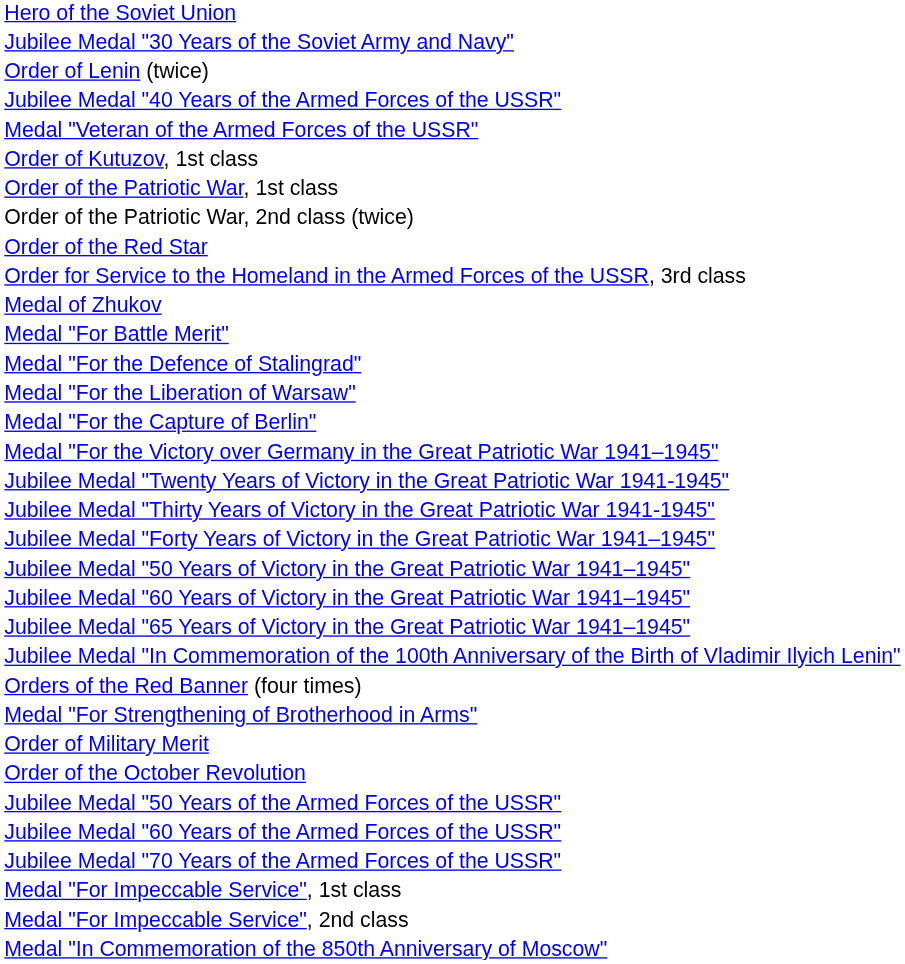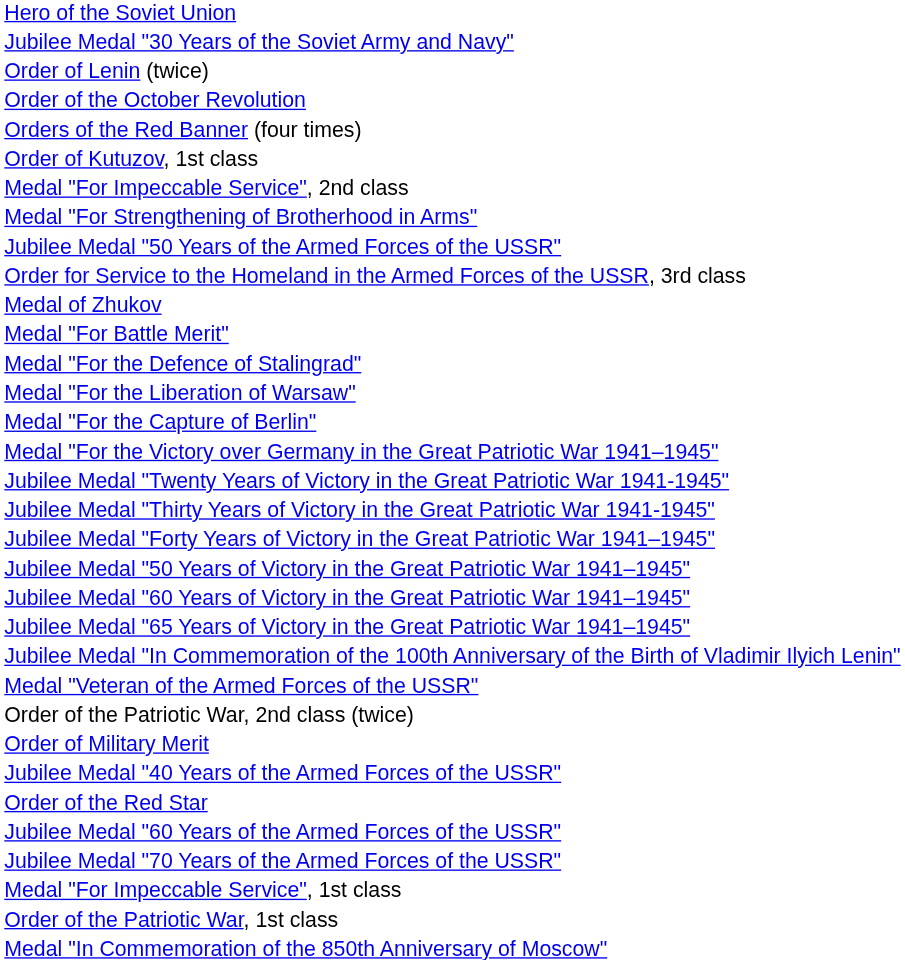 <table>
 <tr>
 <td></td>
 <td><a href='#'>Hero of the Soviet Union</a></td>
 </tr>
 <tr>
 <td></td>
 <td><a href='#'>Jubilee Medal "30 Years of the Soviet Army and Navy"</a></td>
 </tr>
 <tr>
 <td></td>
 <td><a href='#'>Order of Lenin</a> (twice)</td>
 </tr>
 <tr>
 <td></td>
-<td><a href='#'>Jubilee Medal "40 Years of the Armed Forces of the USSR"</a></td>
+<td><a href='#'>Order of the October Revolution</a></td>
 </tr>
 <tr>
 <td></td>
-<td><a href='#'>Medal "Veteran of the Armed Forces of the USSR"</a></td>
+<td><a href='#'>Orders of the Red Banner</a> (four times)</td>
 </tr>
 <tr>
 <td></td>
 <td><a href='#'>Order of Kutuzov</a>, 1st class</td>
 </tr>
 <tr>
 <td></td>
-<td><a href='#'>Order of the Patriotic War</a>, 1st class</td>
+<td><a href='#'>Medal "For Impeccable Service"</a>, 2nd class</td>
 </tr>
 <tr>
 <td></td>
-<td>Order of the Patriotic War, 2nd class (twice)</td>
+<td><a href='#'>Medal "For Strengthening of Brotherhood in Arms"</a></td>
 </tr>
 <tr>
 <td></td>
-<td><a href='#'>Order of the Red Star</a></td>
+<td><a href='#'>Jubilee Medal "50 Years of the Armed Forces of the USSR"</a></td>
 </tr>
 <tr>
 <td></td>
 <td><a href='#'>Order for Service to the Homeland in the Armed Forces of the USSR</a>, 3rd class</td>
 </tr>
 <tr>
 <td></td>
 <td><a href='#'>Medal of Zhukov</a></td>
 </tr>
 <tr>
 <td></td>
 <td><a href='#'>Medal "For Battle Merit"</a></td>
 </tr>
 <tr>
 <td></td>
 <td><a href='#'>Medal "For the Defence of Stalingrad"</a></td>
 </tr>
 <tr>
 <td></td>
 <td><a href='#'>Medal "For the Liberation of Warsaw"</a></td>
 </tr>
 <tr>
 <td></td>
 <td><a href='#'>Medal "For the Capture of Berlin"</a></td>
 </tr>
 <tr>
 <td></td>
 <td><a href='#'>Medal "For the Victory over Germany in the Great Patriotic War 1941–1945"</a></td>
 </tr>
 <tr>
 <td></td>
 <td><a href='#'>Jubilee Medal "Twenty Years of Victory in the Great Patriotic War 1941-1945"</a></td>
 </tr>
 <tr>
 <td></td>
 <td><a href='#'>Jubilee Medal "Thirty Years of Victory in the Great Patriotic War 1941-1945"</a></td>
 </tr>
 <tr>
 <td></td>
 <td><a href='#'>Jubilee Medal "Forty Years of Victory in the Great Patriotic War 1941–1945"</a></td>
 </tr>
 <tr>
 <td></td>
 <td><a href='#'>Jubilee Medal "50 Years of Victory in the Great Patriotic War 1941–1945"</a></td>
 </tr>
 <tr>
 <td></td>
 <td><a href='#'>Jubilee Medal "60 Years of Victory in the Great Patriotic War 1941–1945"</a></td>
 </tr>
 <tr>
 <td></td>
 <td><a href='#'>Jubilee Medal "65 Years of Victory in the Great Patriotic War 1941–1945"</a></td>
 </tr>
 <tr>
 <td></td>
 <td><a href='#'>Jubilee Medal "In Commemoration of the 100th Anniversary of the Birth of Vladimir Ilyich Lenin"</a></td>
 </tr>
 <tr>
 <td></td>
-<td><a href='#'>Orders of the Red Banner</a> (four times)</td>
+<td><a href='#'>Medal "Veteran of the Armed Forces of the USSR"</a></td>
 </tr>
 <tr>
 <td></td>
-<td><a href='#'>Medal "For Strengthening of Brotherhood in Arms"</a></td>
+<td>Order of the Patriotic War, 2nd class (twice)</td>
 </tr>
 <tr>
 <td></td>
 <td><a href='#'>Order of Military Merit</a></td>
 </tr>
 <tr>
 <td></td>
-<td><a href='#'>Order of the October Revolution</a></td>
+<td><a href='#'>Jubilee Medal "40 Years of the Armed Forces of the USSR"</a></td>
 </tr>
 <tr>
 <td></td>
-<td><a href='#'>Jubilee Medal "50 Years of the Armed Forces of the USSR"</a></td>
+<td><a href='#'>Order of the Red Star</a></td>
 </tr>
 <tr>
 <td></td>
 <td><a href='#'>Jubilee Medal "60 Years of the Armed Forces of the USSR"</a></td>
 </tr>
 <tr>
 <td></td>
 <td><a href='#'>Jubilee Medal "70 Years of the Armed Forces of the USSR"</a></td>
 </tr>
 <tr>
 <td></td>
 <td><a href='#'>Medal "For Impeccable Service"</a>, 1st class</td>
 </tr>
 <tr>
 <td></td>
-<td><a href='#'>Medal "For Impeccable Service"</a>, 2nd class</td>
+<td><a href='#'>Order of the Patriotic War</a>, 1st class</td>
 </tr>
 <tr>
 <td></td>
 <td><a href='#'>Medal "In Commemoration of the 850th Anniversary of Moscow"</a></td>
 </tr>
 <tr>
 <td></td>
 <td></td>
 </tr>
 <tr>
 </tr>
 </table>
